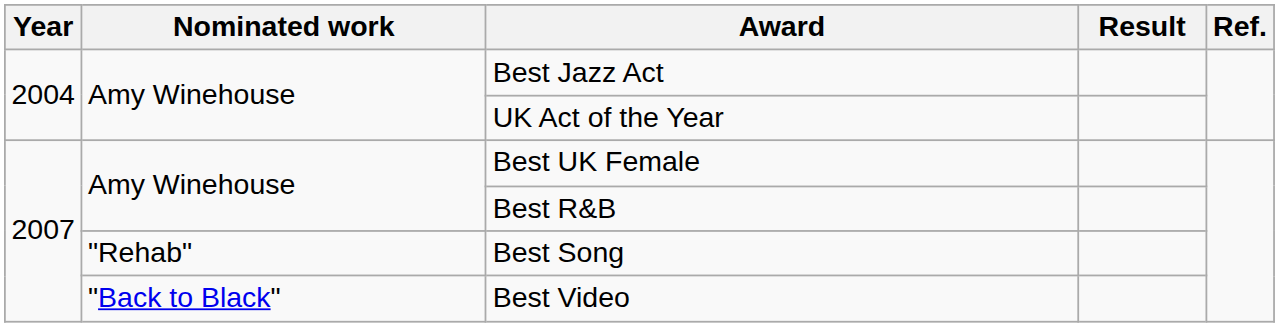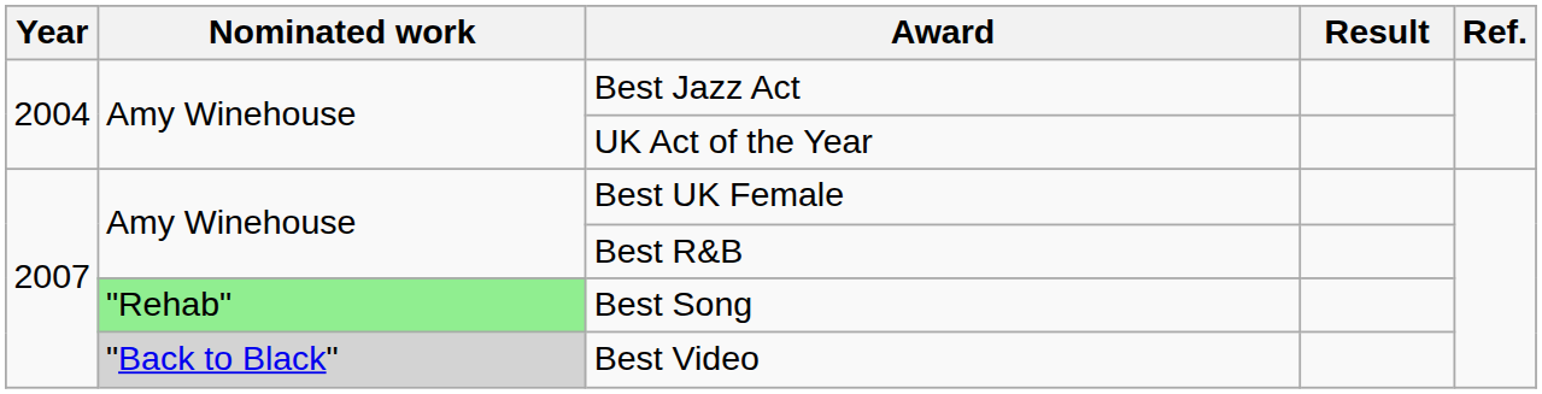 <table class="wikitable">
 <tr>
 <th>Year</th>
 <th width="220">Nominated work</th>
 <th width="325">Award</th>
 <th width="65">Result</th>
 <th>Ref.</th>
 </tr>
 <tr>
 <td align="center" rowspan=2>2004</td>
 <td rowspan=2>Amy Winehouse</td>
 <td>Best Jazz Act</td>
 <td></td>
 <td align="center" rowspan=2></td>
 </tr>
 <tr>
 <td>UK Act of the Year</td>
 <td></td>
 </tr>
 <tr>
 <td align="center" rowspan=4>2007</td>
 <td rowspan=2>Amy Winehouse</td>
 <td>Best UK Female</td>
 <td></td>
 <td align="center" rowspan=4><br></td>
 </tr>
 <tr>
 <td>Best R&B</td>
 <td></td>
 </tr>
 <tr>
-<td>"Rehab"</td>
+<td style="background: lightgreen;">"Rehab"</td>
 <td>Best Song</td>
 <td></td>
 </tr>
 <tr>
-<td>"<a href='#'>Back to Black</a>"</td>
+<td style="background: lightgrey;">"<a href='#'>Back to Black</a>"</td>
 <td>Best Video</td>
 <td></td>
 </tr>
 </table>
